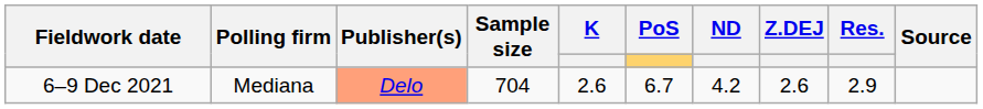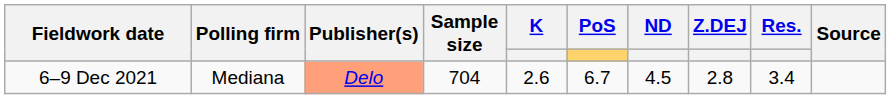 <table class="wikitable sortable" style="text-align:center;font-size:80%;line-height:16px">
 <tr>
 <th rowspan="2" style="width:120px;">Fieldwork date</th>
 <th rowspan="2">Polling firm</th>
 <th rowspan="2">Publisher(s)</th>
 <th rowspan="2" style="width:50px;" class="unsortable">Sample size</th>
 <th style="width:35px;" class="unsortable"><a href='#'>K</a></th>
 <th style="width:35px;" class="unsortable"><a href='#'>PoS</a></th>
 <th style="width:35px;" class="unsortable"><a href='#'>ND</a></th>
 <th style="width:35px;" class="unsortable"><a href='#'>Z.DEJ</a></th>
 <th style="width:35px;" class="unsortable"><a href='#'>Res.</a></th>
 <th rowspan="2" class="unsortable">Source</th>
 </tr>
 <tr>
 <th class="unsortable" style="color:inherit;background:"></th>
 <th class="unsortable" style="color:inherit;background: #fed36c; width:30px;"></th>
 <th class="unsortable" style="color:inherit;background: "></th>
 <th class="unsortable" style="color:inherit;background: "></th>
 <th class="unsortable" style="color:inherit;background: "></th>
 </tr>
 <tr>
 <td>6–9 Dec 2021</td>
 <td>Mediana</td>
 <td style="background: lightsalmon;"><a href='#'><em>Delo</em></a></td>
 <td>704</td>
 <td>2.6</td>
 <td>6.7</td>
-<td>4.2</td>
-<td>2.6</td>
-<td>2.9</td>
+<td>4.5</td>
+<td>2.8</td>
+<td>3.4</td>
 <td></td>
 </tr>
 </table>
